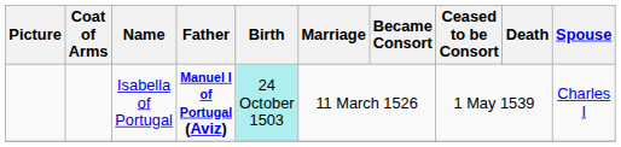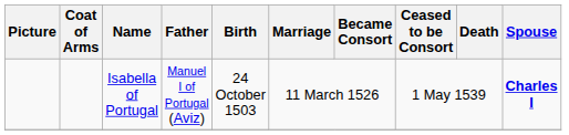 <table width=95% class="wikitable">
 <tr>
 <th width = "4%">Picture</th>
 <th width = "4%">Coat of Arms</th>
 <th width = "10%">Name</th>
 <th width = "9%">Father</th>
 <th width = "10%">Birth</th>
 <th width = "9%">Marriage</th>
 <th width = "9%">Became Consort</th>
 <th width = "9%">Ceased to be Consort</th>
 <th width = "9%">Death</th>
 <th width = "6%"><a href='#'>Spouse</a></th>
 </tr>
 <tr>
 <td align="center"></td>
 <td align="center"></td>
 <td align="center"><a href='#'>Isabella of Portugal</a><br></td>
-<td align="center"><strong><small><a href='#'>Manuel I of Portugal</a></small><br> (<a href='#'>Aviz</a>)</strong></td>
-<td align="center" style="background: paleturquoise;">24 October 1503</td>
+<td align="center"><small><a href='#'>Manuel I of Portugal</a></small><br> (<a href='#'>Aviz</a>)</td>
+<td align="center">24 October 1503</td>
 <td align="center" colspan="2">11 March 1526</td>
 <td align="center" colspan="2">1 May 1539</td>
-<td align="center"><a href='#'>Charles I</a></td>
+<td align="center"><strong><a href='#'>Charles I</a></strong></td>
 </tr>
 <tr>
 </tr>
 </table>
